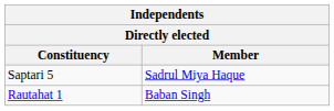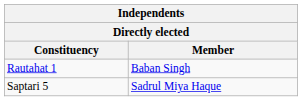 <table role="presentation" class="wikitable mw-collapsible mw-collapsed">
 <tr>
 <th colspan="2" style="width: 300pt; background:">Independents</th>
 </tr>
 <tr>
 <th colspan="2">Directly elected</th>
 </tr>
 <tr>
 <th>Constituency</th>
 <th>Member</th>
 </tr>
 <tr>
+<td><a href='#'>Rautahat 1</a></td>
+<td><a href='#'>Baban Singh</a></td>
+</tr>
+<tr>
 <td>Saptari 5</td>
 <td><a href='#'>Sadrul Miya Haque</a></td>
 </tr>
-<tr>
-<td><a href='#'>Rautahat 1</a></td>
-<td><a href='#'>Baban Singh</a></td>
-</tr>
 </table>
